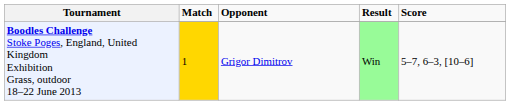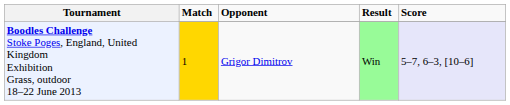 <table class="wikitable">
 <tr style="font-weight:bold">
 <th style="width:250px;">Tournament</th>
 <td style="width:50px;">Match</td>
 <td style="width:200px;">Opponent</td>
 <td style="width:50px;">Result</td>
 <td style="width:150px;">Score</td>
 </tr>
 <tr>
 <td rowspan="4" style="background:#ecf2ff; text-align:left; vertical-align:top;"><strong><a href='#'>Boodles Challenge</a></strong><br> <a href='#'>Stoke Poges</a>, England, United Kingdom <br> Exhibition <br> Grass, outdoor <br> 18–22 June 2013</td>
 </tr>
 <tr>
 <td style="background: gold;">1</td>
 <td> <a href='#'>Grigor Dimitrov</a></td>
 <td bgcolor="#98FB98">Win</td>
-<td>5–7, 6–3, [10–6]</td>
+<td style="background: lavender;">5–7, 6–3, [10–6]</td>
 </tr>
 </table>
